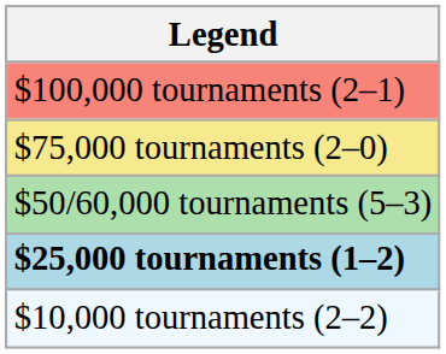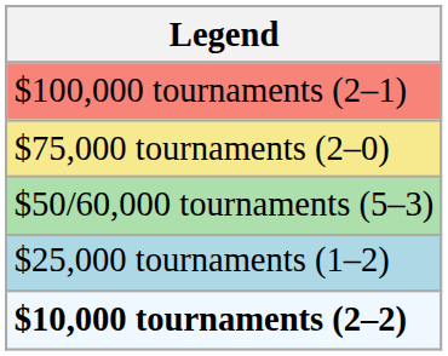 <table class="wikitable" style="font-size:85%;">
 <tr>
 <th>Legend</th>
 </tr>
 <tr style="background:#f88379;">
 <td>$100,000 tournaments (2–1)</td>
 </tr>
 <tr style="background:#f7e98e;">
 <td>$75,000 tournaments (2–0)</td>
 </tr>
 <tr style="background:#addfad;">
 <td>$50/60,000 tournaments (5–3)</td>
 </tr>
 <tr style="background:lightblue;">
-<td><strong>$25,000 tournaments (1–2)</strong></td>
+<td>$25,000 tournaments (1–2)</td>
 </tr>
 <tr style="background:#f0f8ff;">
-<td>$10,000 tournaments (2–2)</td>
+<td><strong>$10,000 tournaments (2–2)</strong></td>
 </tr>
 </table>
